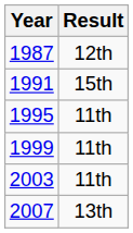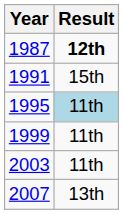 <table class="wikitable" style="text-align:center">
 <tr>
 <th>Year</th>
 <th>Result</th>
 </tr>
 <tr>
 <td><a href='#'>1987</a></td>
-<td>12th</td>
+<td><strong>12th</strong></td>
 </tr>
 <tr>
 <td><a href='#'>1991</a></td>
 <td>15th</td>
 </tr>
 <tr>
 <td><a href='#'>1995</a></td>
-<td>11th</td>
+<td style="background: lightblue;">11th</td>
 </tr>
 <tr>
 <td><a href='#'>1999</a></td>
 <td>11th</td>
 </tr>
 <tr>
 <td><a href='#'>2003</a></td>
 <td>11th</td>
 </tr>
 <tr>
 <td><a href='#'>2007</a></td>
 <td>13th</td>
 </tr>
 </table>
